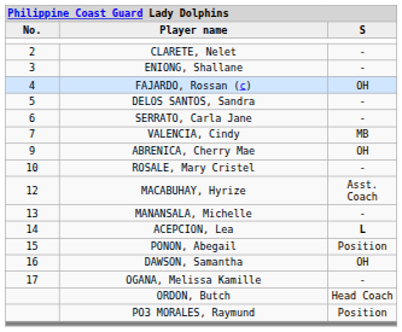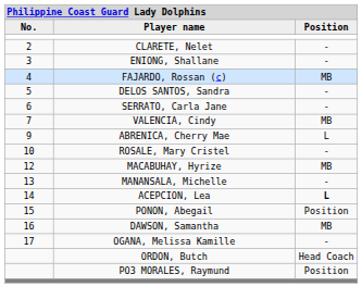 <table class='wikitable mw-collapsible mw-collapsed' style='text-align: center; width: 500px; border: none;'>
 <tr>
 <th style="background:#D4D4D4; text-align:left;" colspan=3> <a href='#'>Philippine Coast Guard</a> Lady Dolphins</th>
 </tr>
 <tr style="background:#EEEEEE; font-weight:bold;">
 <td width=10%>No.</td>
 <td width=50%>Player name</td>
-<td align=center>S</td>
+<td width=10%>Position</td>
 </tr>
 <tr style="background:#FFFFFF;">
 <td colspan=3 align=center></td>
 </tr>
 <tr>
 <td align=center>2</td>
 <td>CLARETE, Nelet</td>
 <td align=center>-</td>
 </tr>
 <tr>
 <td align=center>3</td>
 <td>ENIONG, Shallane</td>
 <td align=center>-</td>
 </tr>
 <tr style="background: #D0E6FF">
 <td align=center>4</td>
 <td>FAJARDO, Rossan (<a href='#'>c</a>)</td>
-<td align=center>OH</td>
+<td align=center>MB</td>
 </tr>
 <tr>
 <td align=center>5</td>
 <td>DELOS SANTOS, Sandra</td>
 <td align=center>-</td>
 </tr>
 <tr>
 <td align=center>6</td>
 <td>SERRATO, Carla Jane</td>
 <td align=center>-</td>
 </tr>
 <tr>
 <td align=center>7</td>
 <td>VALENCIA, Cindy</td>
 <td align=center>MB</td>
 </tr>
 <tr>
 <td align=center>9</td>
 <td>ABRENICA, Cherry Mae</td>
-<td align=center>OH</td>
+<td align=center>L</td>
 </tr>
 <tr>
 <td align=center>10</td>
 <td>ROSALE, Mary Cristel</td>
 <td align=center>-</td>
 </tr>
 <tr>
 <td align=center>12</td>
 <td>MACABUHAY, Hyrize</td>
-<td align=center>Asst. Coach</td>
+<td align=center>MB</td>
 </tr>
 <tr>
 <td align=center>13</td>
 <td>MANANSALA, Michelle</td>
 <td align=center>-</td>
 </tr>
 <tr>
 <td align=center>14</td>
 <td>ACEPCION, Lea</td>
 <td align=center><strong>L</strong></td>
 </tr>
 <tr>
 <td align=center>15</td>
 <td>PONON, Abegail</td>
 <td width=10%>Position</td>
 </tr>
 <tr>
 <td align=center>16</td>
 <td>DAWSON, Samantha</td>
-<td align=center>OH</td>
+<td align=center>MB</td>
 </tr>
 <tr>
 <td align=center>17</td>
 <td>OGANA, Melissa Kamille</td>
 <td align=center>-</td>
 </tr>
 <tr>
 <td align=center></td>
 <td>ORDON, Butch</td>
 <td align=center>Head Coach</td>
 </tr>
 <tr>
 <td align=center></td>
 <td>PO3 MORALES, Raymund</td>
 <td width=10%>Position</td>
 </tr>
 <tr>
 <th style="background:gray;" colspan=3></th>
 </tr>
 <tr>
 </tr>
 </table>
